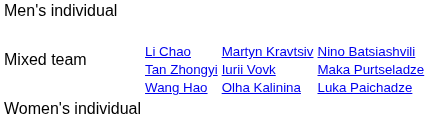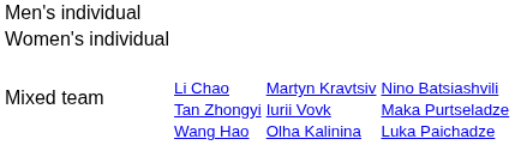 <table>
 <tr>
 <td>Men's individual</td>
+<td></td>
+<td></td>
+<td></td>
+</tr>
+<tr>
+<td>Women's individual</td>
 <td></td>
 <td></td>
 <td></td>
 </tr>
 <tr>
 <td>Mixed team</td>
 <td><br><small><a href='#'>Li Chao</a><br><a href='#'>Tan Zhongyi</a><br><a href='#'>Wang Hao</a></small></td>
 <td><br><small><a href='#'>Martyn Kravtsiv</a><br><a href='#'>Iurii Vovk</a><br><a href='#'>Olha Kalinina</a></small></td>
 <td><br><small><a href='#'>Nino Batsiashvili</a><br><a href='#'>Maka Purtseladze</a><br><a href='#'>Luka Paichadze</a></small></td>
 </tr>
-<tr>
-<td>Women's individual</td>
-<td></td>
-<td></td>
-<td></td>
-</tr>
 </table>
